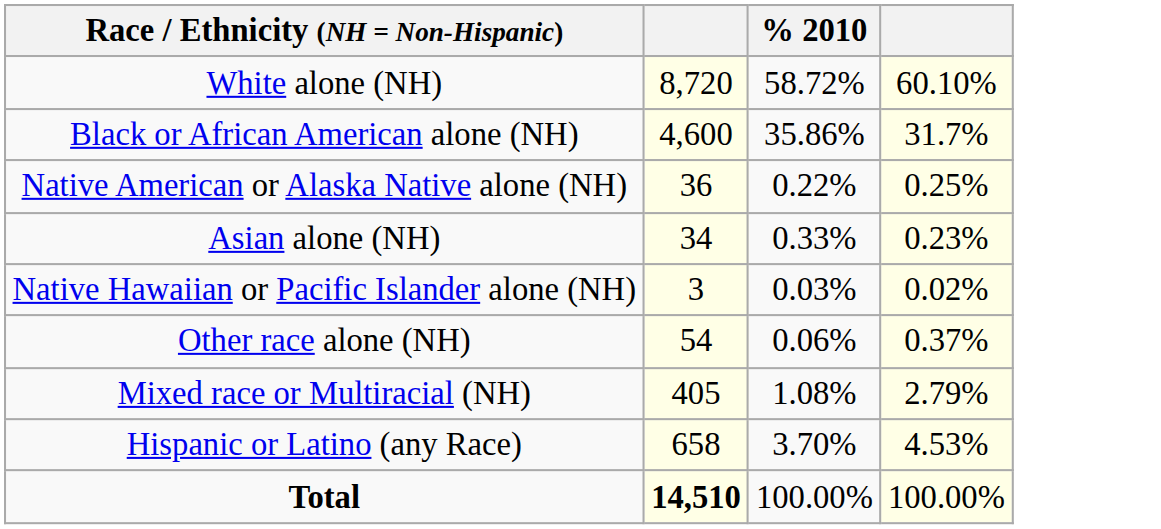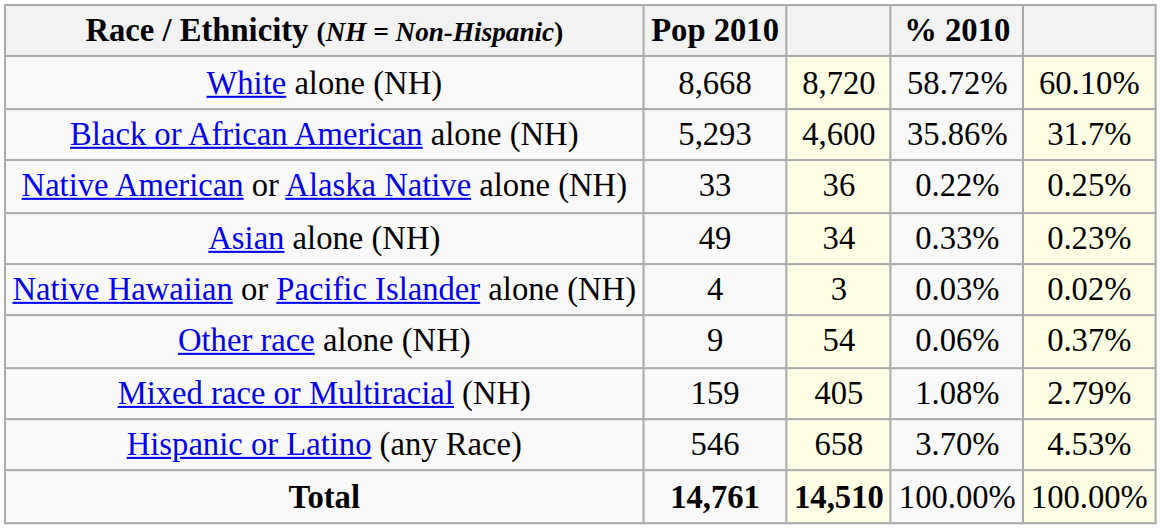 <table class="wikitable" style="text-align:center;">
 <tr>
 <th>Race / Ethnicity <small>(<em>NH = Non-Hispanic</em>)</small></th>
+<th>Pop 2010</th>
 <th></th>
 <th>% 2010</th>
 <th></th>
 </tr>
 <tr>
 <td><a href='#'>White</a> alone (NH)</td>
+<td>8,668</td>
 <td style='background: #ffffe6;'>8,720</td>
 <td>58.72%</td>
 <td style='background: #ffffe6;'>60.10%</td>
 </tr>
 <tr>
 <td><a href='#'>Black or African American</a> alone (NH)</td>
+<td>5,293</td>
 <td style='background: #ffffe6;'>4,600</td>
 <td>35.86%</td>
 <td style='background: #ffffe6;'>31.7%</td>
 </tr>
 <tr>
 <td><a href='#'>Native American</a> or <a href='#'>Alaska Native</a> alone (NH)</td>
+<td>33</td>
 <td style='background: #ffffe6;'>36</td>
 <td>0.22%</td>
 <td style='background: #ffffe6;'>0.25%</td>
 </tr>
 <tr>
 <td><a href='#'>Asian</a> alone (NH)</td>
+<td>49</td>
 <td style='background: #ffffe6;'>34</td>
 <td>0.33%</td>
 <td style='background: #ffffe6;'>0.23%</td>
 </tr>
 <tr>
 <td><a href='#'>Native Hawaiian</a> or <a href='#'>Pacific Islander</a> alone (NH)</td>
+<td>4</td>
 <td style='background: #ffffe6;'>3</td>
 <td>0.03%</td>
 <td style='background: #ffffe6;'>0.02%</td>
 </tr>
 <tr>
 <td><a href='#'>Other race</a> alone (NH)</td>
+<td>9</td>
 <td style='background: #ffffe6;'>54</td>
 <td>0.06%</td>
 <td style='background: #ffffe6;'>0.37%</td>
 </tr>
 <tr>
 <td><a href='#'>Mixed race or Multiracial</a> (NH)</td>
+<td>159</td>
 <td style='background: #ffffe6;'>405</td>
 <td>1.08%</td>
 <td style='background: #ffffe6;'>2.79%</td>
 </tr>
 <tr>
 <td><a href='#'>Hispanic or Latino</a> (any Race)</td>
+<td>546</td>
 <td style='background: #ffffe6;'>658</td>
 <td>3.70%</td>
 <td style='background: #ffffe6;'>4.53%</td>
 </tr>
 <tr>
 <td><strong>Total</strong></td>
+<td><strong>14,761</strong></td>
 <td style='background: #ffffe6;'><strong>14,510</strong></td>
 <td>100.00%</td>
 <td style='background: #ffffe6;'>100.00%</td>
 </tr>
 </table>
